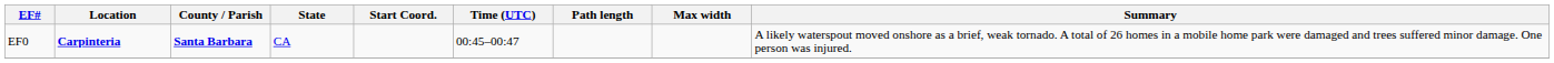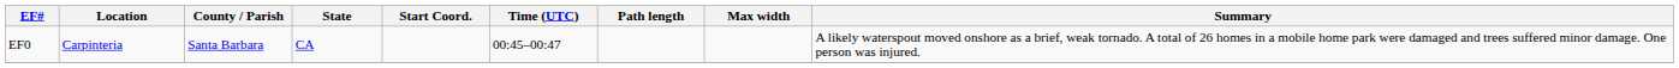 <table class="wikitable sortable" style="width:100%;">
 <tr>
 <th scope="col"  style="width:3%; text-align:center;"><a href='#'>EF#</a></th>
 <th scope="col"  style="width:7%; text-align:center;" class="unsortable">Location</th>
 <th scope="col"  style="width:6%; text-align:center;" class="unsortable">County / Parish</th>
 <th scope="col"  style="width:5%; text-align:center;">State</th>
 <th scope="col"  style="width:6%; text-align:center;">Start Coord.</th>
 <th scope="col"  style="width:6%; text-align:center;">Time (<a href='#'>UTC</a>)</th>
 <th scope="col"  style="width:6%; text-align:center;">Path length</th>
 <th scope="col"  style="width:6%; text-align:center;">Max width</th>
 <th scope="col" class="unsortable" style="width:48%; text-align:center;">Summary</th>
 </tr>
 <tr>
 <td>EF0</td>
-<td><strong><a href='#'>Carpinteria</a></strong></td>
-<td><strong><a href='#'>Santa Barbara</a></strong></td>
+<td><a href='#'>Carpinteria</a></td>
+<td><a href='#'>Santa Barbara</a></td>
 <td><a href='#'>CA</a></td>
 <td></td>
 <td>00:45–00:47</td>
 <td></td>
 <td></td>
 <td>A likely waterspout moved onshore as a brief, weak tornado. A total of 26 homes in a mobile home park were damaged and trees suffered minor damage. One person was injured.</td>
 </tr>
 <tr>
 </tr>
 </table>
